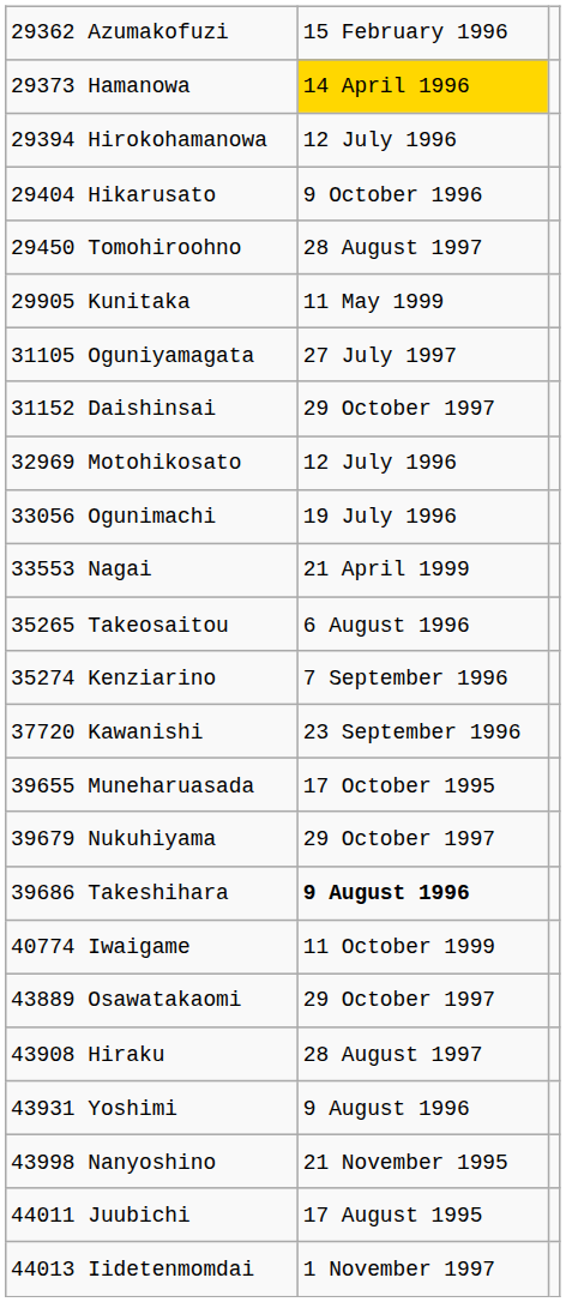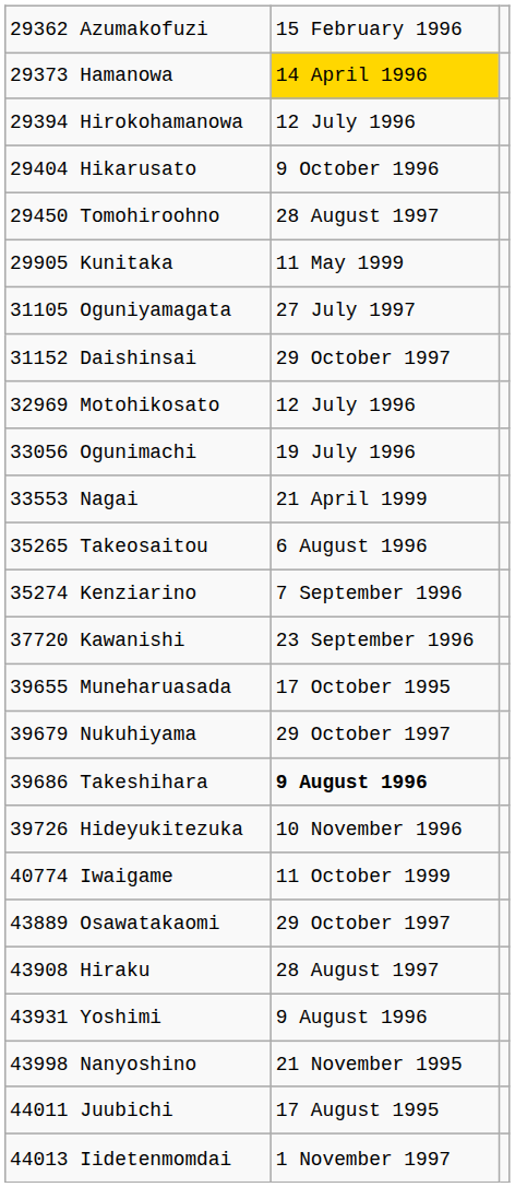 <table class="wikitable" style="font-size: 89%; float: left; width: 26em; margin-right: 1em; height: 700px;">
 <tr>
 <td>29362 Azumakofuzi</td>
 <td>15 February 1996</td>
 <td></td>
 </tr>
 <tr>
 <td>29373 Hamanowa</td>
 <td style="background: gold;">14 April 1996</td>
 <td></td>
 </tr>
 <tr>
 <td>29394 Hirokohamanowa</td>
 <td>12 July 1996</td>
 <td></td>
 </tr>
 <tr>
 <td>29404 Hikarusato</td>
 <td>9 October 1996</td>
 <td></td>
 </tr>
 <tr>
 <td>29450 Tomohiroohno</td>
 <td>28 August 1997</td>
 <td></td>
 </tr>
 <tr>
 <td>29905 Kunitaka</td>
 <td>11 May 1999</td>
 <td></td>
 </tr>
 <tr>
 <td>31105 Oguniyamagata</td>
 <td>27 July 1997</td>
 <td></td>
 </tr>
 <tr>
 <td>31152 Daishinsai</td>
 <td>29 October 1997</td>
 <td></td>
 </tr>
 <tr>
 <td>32969 Motohikosato</td>
 <td>12 July 1996</td>
 <td></td>
 </tr>
 <tr>
 <td>33056 Ogunimachi</td>
 <td>19 July 1996</td>
 <td></td>
 </tr>
 <tr>
 <td>33553 Nagai</td>
 <td>21 April 1999</td>
 <td></td>
 </tr>
 <tr>
 <td>35265 Takeosaitou</td>
 <td>6 August 1996</td>
 <td></td>
 </tr>
 <tr>
 <td>35274 Kenziarino</td>
 <td>7 September 1996</td>
 <td></td>
 </tr>
 <tr>
 <td>37720 Kawanishi</td>
 <td>23 September 1996</td>
 <td></td>
 </tr>
 <tr>
 <td>39655 Muneharuasada</td>
 <td>17 October 1995</td>
 <td></td>
 </tr>
 <tr>
 <td>39679 Nukuhiyama</td>
 <td>29 October 1997</td>
 <td></td>
 </tr>
 <tr>
 <td>39686 Takeshihara</td>
 <td><strong>9 August 1996</strong></td>
 <td></td>
 </tr>
 <tr>
+<td>39726 Hideyukitezuka</td>
+<td>10 November 1996</td>
+<td></td>
+</tr>
+<tr>
 <td>40774 Iwaigame</td>
 <td>11 October 1999</td>
 <td></td>
 </tr>
 <tr>
 <td>43889 Osawatakaomi</td>
 <td>29 October 1997</td>
 <td></td>
 </tr>
 <tr>
 <td>43908 Hiraku</td>
 <td>28 August 1997</td>
 <td></td>
 </tr>
 <tr>
 <td>43931 Yoshimi</td>
 <td>9 August 1996</td>
 <td></td>
 </tr>
 <tr>
 <td>43998 Nanyoshino</td>
 <td>21 November 1995</td>
 <td></td>
 </tr>
 <tr>
 <td>44011 Juubichi</td>
 <td>17 August 1995</td>
 <td></td>
 </tr>
 <tr>
 <td>44013 Iidetenmomdai</td>
 <td>1 November 1997</td>
 <td></td>
 </tr>
 </table>
